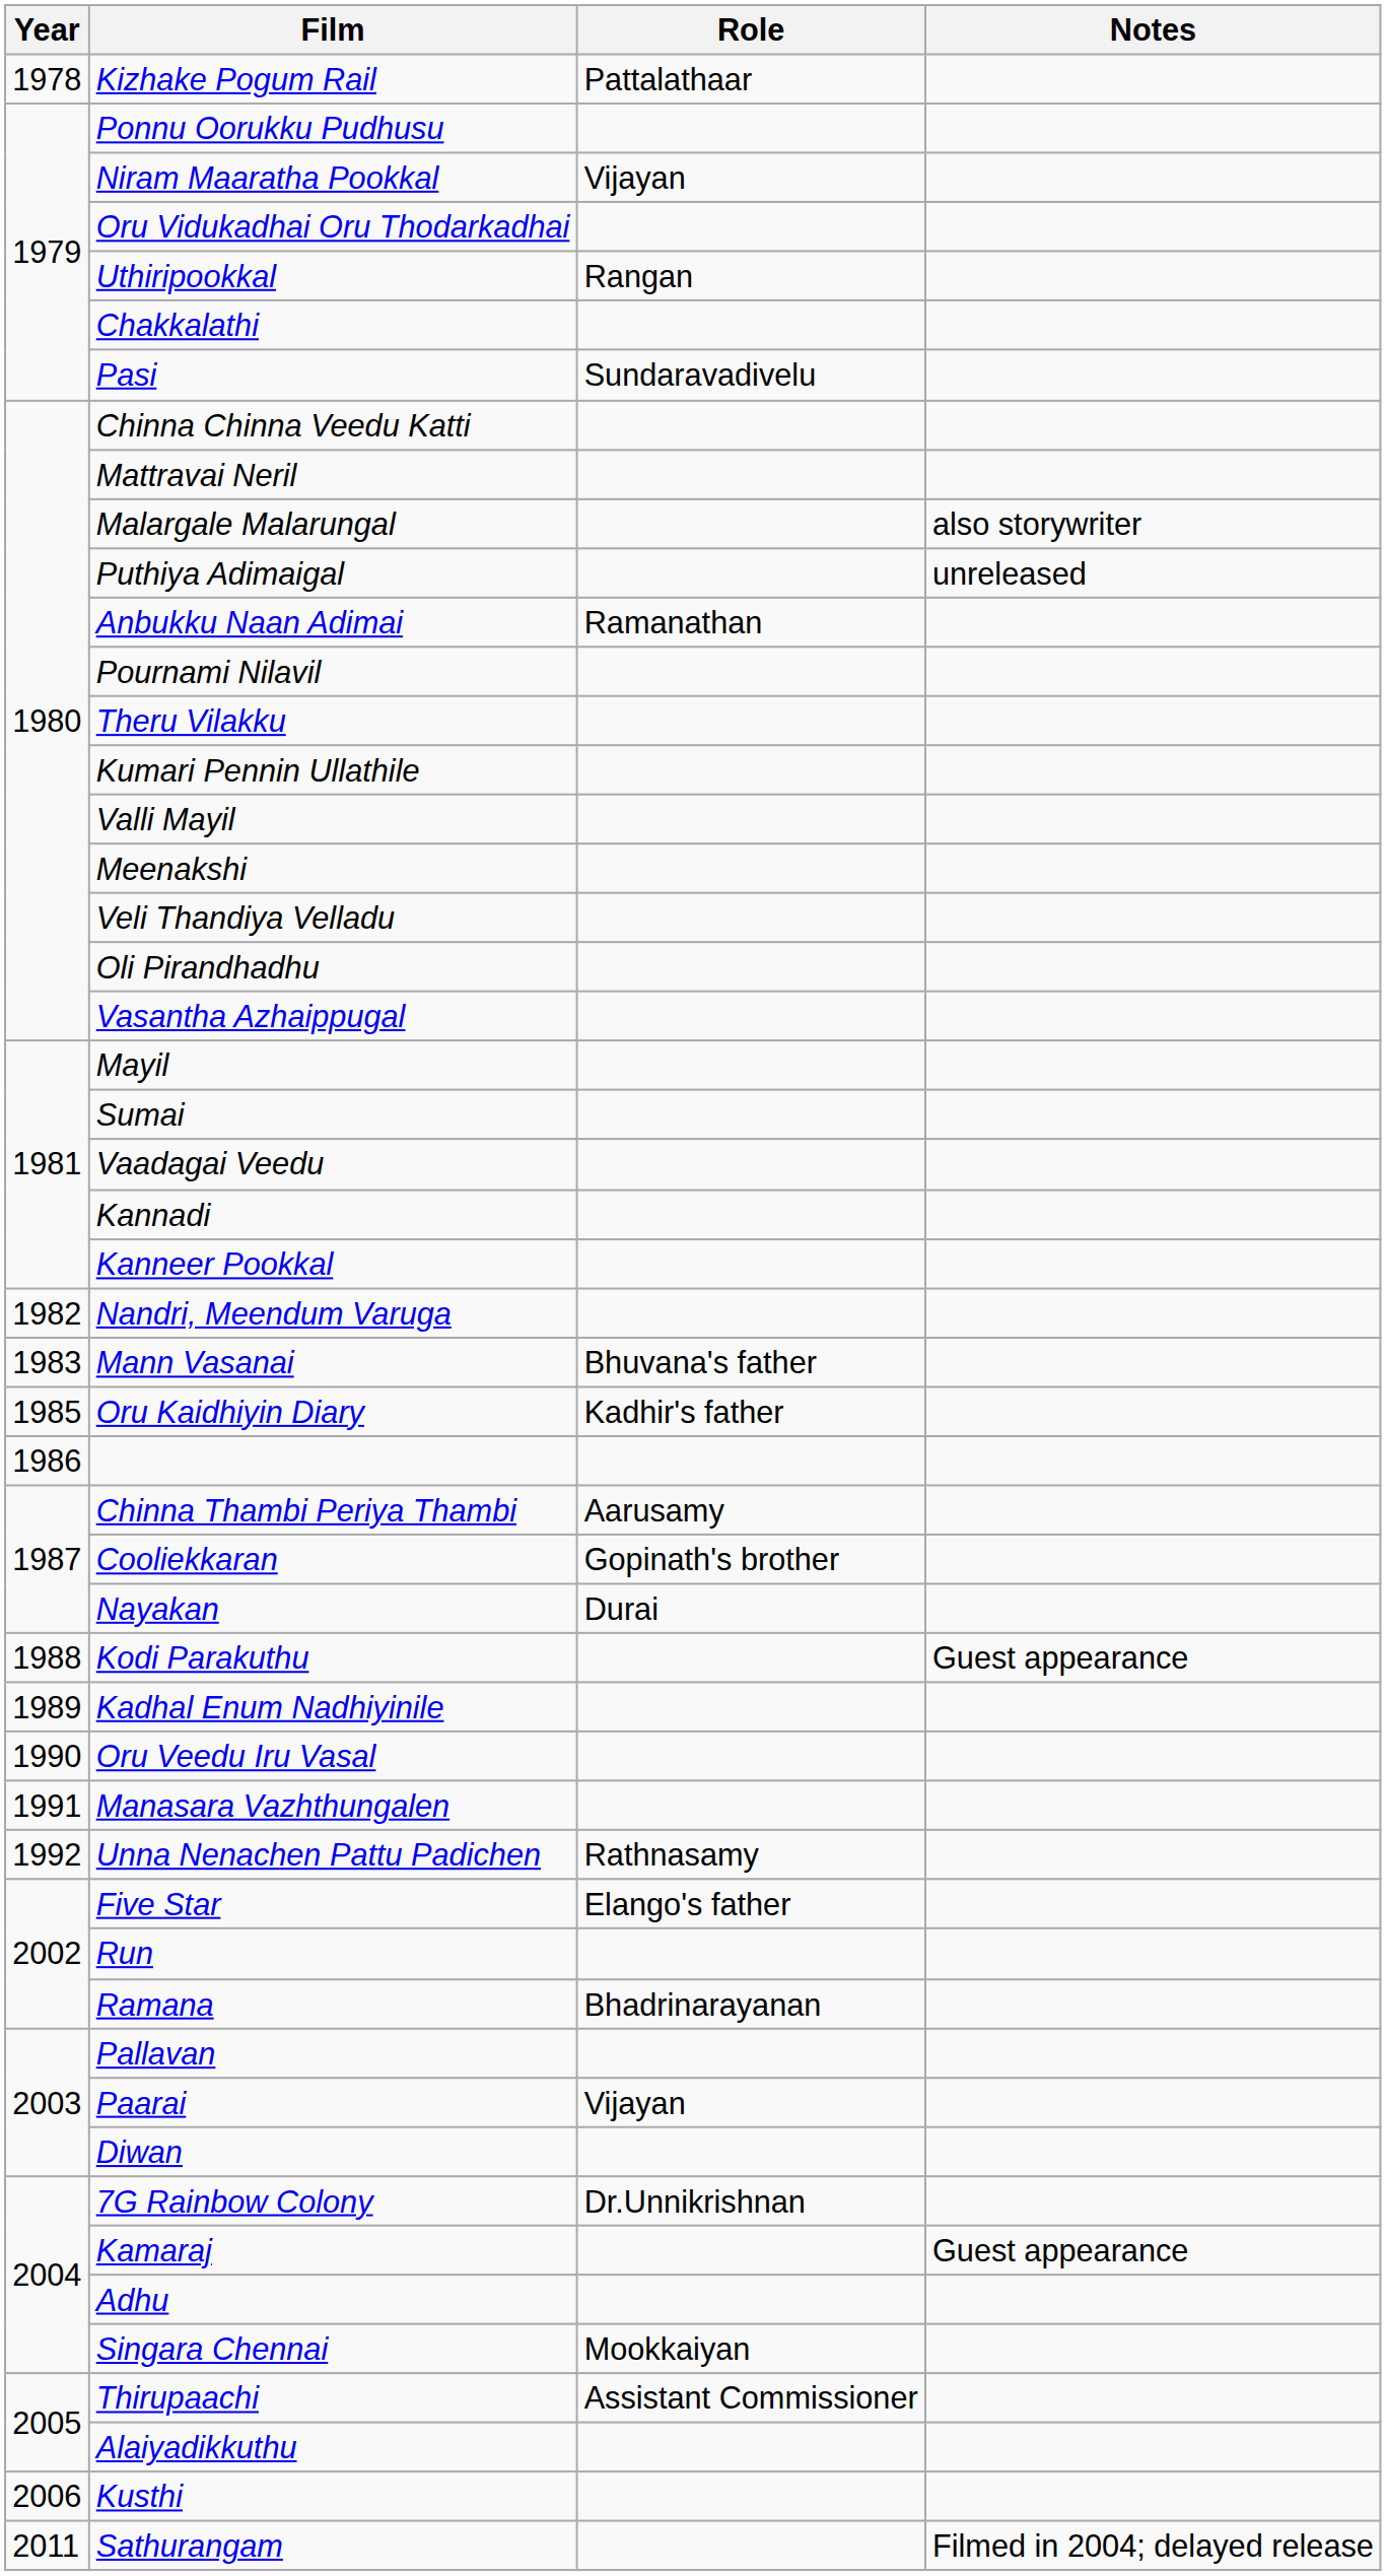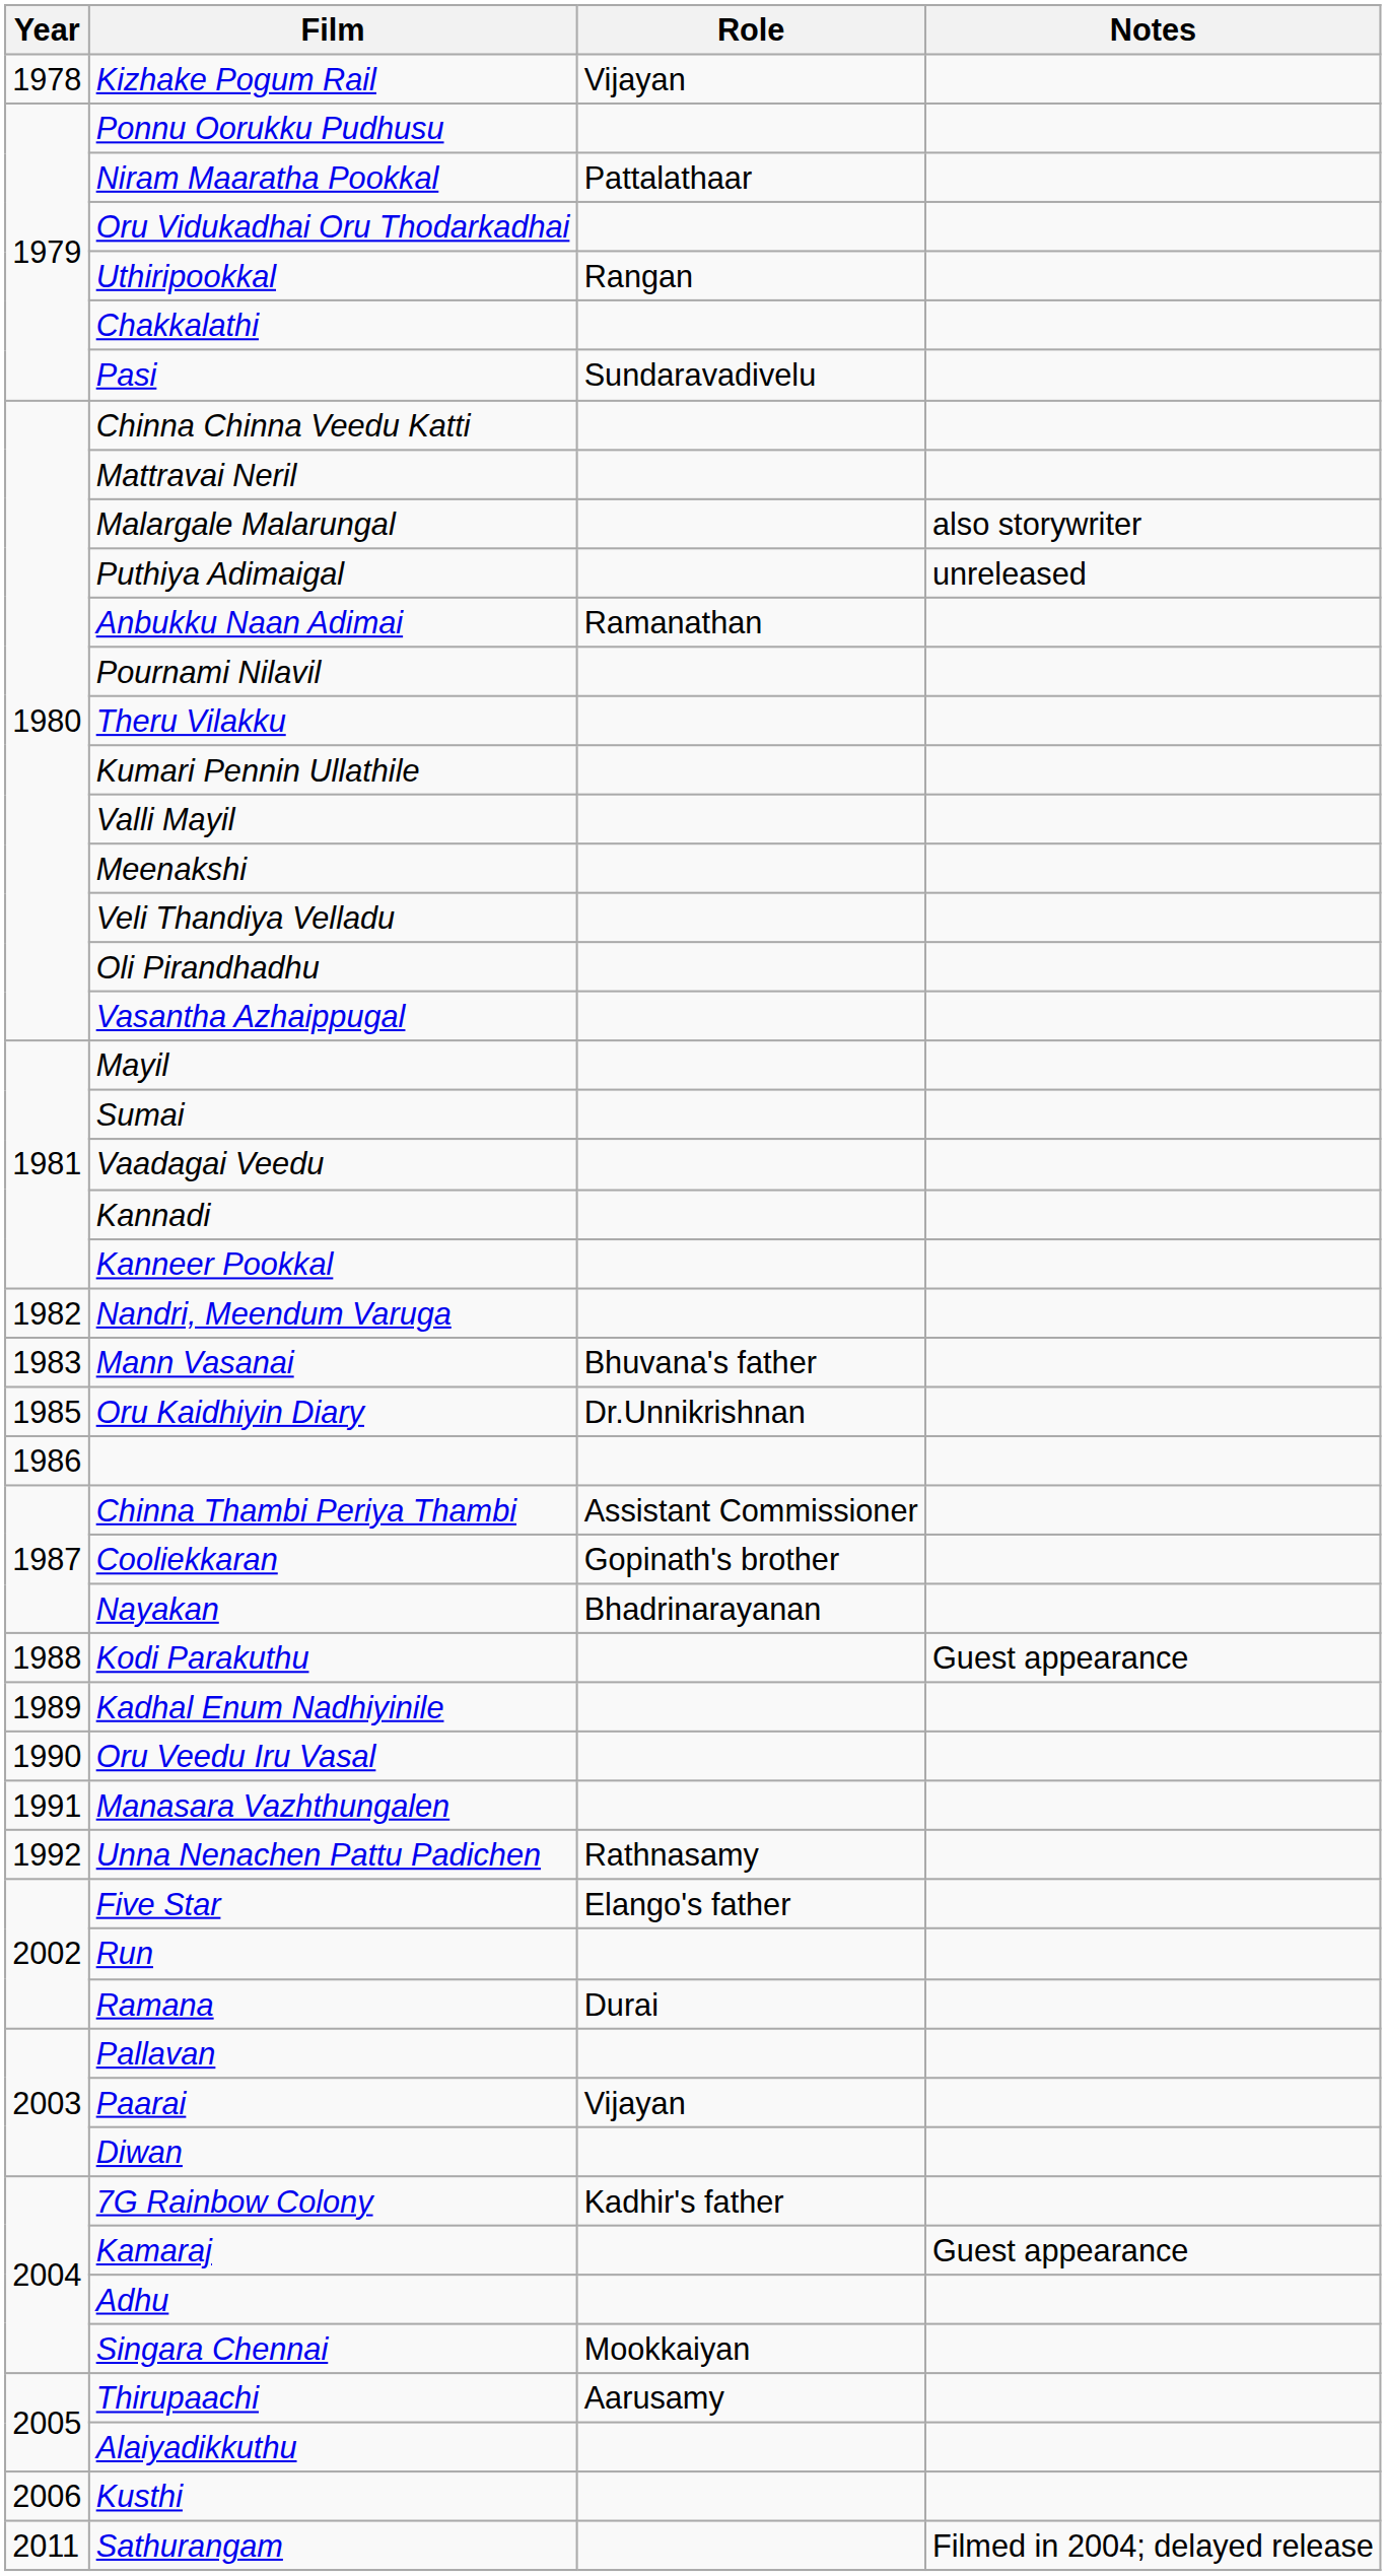 <table class="wikitable sortable" style="font-size: 95%;">
 <tr>
 <th>Year</th>
 <th>Film</th>
 <th>Role</th>
 <th>Notes</th>
 </tr>
 <tr>
 <td>1978</td>
 <td><em><a href='#'>Kizhake Pogum Rail</a></em></td>
-<td>Pattalathaar</td>
+<td>Vijayan</td>
 <td></td>
 </tr>
 <tr>
 <td rowspan="6">1979</td>
 <td><em><a href='#'>Ponnu Oorukku Pudhusu</a></em></td>
 <td></td>
 <td></td>
 </tr>
 <tr>
 <td><em><a href='#'>Niram Maaratha Pookkal</a></em></td>
-<td>Vijayan</td>
+<td>Pattalathaar</td>
 <td></td>
 </tr>
 <tr>
 <td><em><a href='#'>Oru Vidukadhai Oru Thodarkadhai</a></em></td>
 <td></td>
 <td></td>
 </tr>
 <tr>
 <td><em><a href='#'>Uthiripookkal</a></em></td>
 <td>Rangan</td>
 <td></td>
 </tr>
 <tr>
 <td><em><a href='#'>Chakkalathi</a></em></td>
 <td></td>
 <td></td>
 </tr>
 <tr>
 <td><em><a href='#'>Pasi</a></em></td>
 <td>Sundaravadivelu</td>
 <td></td>
 </tr>
 <tr>
 <td rowspan="13">1980</td>
 <td><em>Chinna Chinna Veedu Katti</em></td>
 <td></td>
 <td></td>
 </tr>
 <tr>
 <td><em>Mattravai Neril</em></td>
 <td></td>
 <td></td>
 </tr>
 <tr>
 <td><em>Malargale Malarungal</em></td>
 <td></td>
 <td>also storywriter</td>
 </tr>
 <tr>
 <td><em>Puthiya Adimaigal</em></td>
 <td></td>
 <td>unreleased</td>
 </tr>
 <tr>
 <td><em><a href='#'>Anbukku Naan Adimai</a></em></td>
 <td>Ramanathan</td>
 <td></td>
 </tr>
 <tr>
 <td><em>Pournami Nilavil</em></td>
 <td></td>
 <td></td>
 </tr>
 <tr>
 <td><em><a href='#'>Theru Vilakku</a></em></td>
 <td></td>
 <td></td>
 </tr>
 <tr>
 <td><em>Kumari Pennin Ullathile</em></td>
 <td></td>
 <td></td>
 </tr>
 <tr>
 <td><em>Valli Mayil</em></td>
 <td></td>
 <td></td>
 </tr>
 <tr>
 <td><em>Meenakshi</em></td>
 <td></td>
 <td></td>
 </tr>
 <tr>
 <td><em>Veli Thandiya Velladu</em></td>
 <td></td>
 <td></td>
 </tr>
 <tr>
 <td><em>Oli Pirandhadhu</em></td>
 <td></td>
 <td></td>
 </tr>
 <tr>
 <td><em><a href='#'>Vasantha Azhaippugal</a></em></td>
 <td></td>
 <td></td>
 </tr>
 <tr>
 <td rowspan="5">1981</td>
 <td><em>Mayil</em></td>
 <td></td>
 <td></td>
 </tr>
 <tr>
 <td><em>Sumai</em></td>
 <td></td>
 <td></td>
 </tr>
 <tr>
 <td><em>Vaadagai Veedu</em></td>
 <td></td>
 <td></td>
 </tr>
 <tr>
 <td><em>Kannadi</em></td>
 <td></td>
 <td></td>
 </tr>
 <tr>
 <td><em><a href='#'>Kanneer Pookkal</a></em></td>
 <td></td>
 <td></td>
 </tr>
 <tr>
 <td>1982</td>
 <td><em><a href='#'>Nandri, Meendum Varuga</a></em></td>
 <td></td>
 <td></td>
 </tr>
 <tr>
 <td>1983</td>
 <td><em><a href='#'>Mann Vasanai</a></em></td>
 <td>Bhuvana's father</td>
 <td></td>
 </tr>
 <tr>
 <td>1985</td>
 <td><em><a href='#'>Oru Kaidhiyin Diary</a></em></td>
-<td>Kadhir's father</td>
+<td>Dr.Unnikrishnan</td>
 <td></td>
 </tr>
 <tr>
 <td>1986</td>
 <td></td>
 <td></td>
 </tr>
 <tr>
 <td rowspan="3">1987</td>
 <td><em><a href='#'>Chinna Thambi Periya Thambi</a></em></td>
-<td>Aarusamy</td>
+<td>Assistant Commissioner</td>
 <td></td>
 </tr>
 <tr>
 <td><em><a href='#'>Cooliekkaran</a></em></td>
 <td>Gopinath's brother</td>
 <td></td>
 </tr>
 <tr>
 <td><em><a href='#'>Nayakan</a></em></td>
-<td>Durai</td>
+<td>Bhadrinarayanan</td>
 <td></td>
 </tr>
 <tr>
 <td>1988</td>
 <td><em><a href='#'>Kodi Parakuthu</a></em></td>
 <td></td>
 <td>Guest appearance</td>
 </tr>
 <tr>
 <td>1989</td>
 <td><em><a href='#'>Kadhal Enum Nadhiyinile</a></em></td>
 <td></td>
 <td></td>
 </tr>
 <tr>
 <td>1990</td>
 <td><em><a href='#'>Oru Veedu Iru Vasal</a></em></td>
 <td></td>
 <td></td>
 </tr>
 <tr>
 <td>1991</td>
 <td><em><a href='#'>Manasara Vazhthungalen</a> </em></td>
 <td></td>
 <td></td>
 </tr>
 <tr>
 <td>1992</td>
 <td><em><a href='#'>Unna Nenachen Pattu Padichen</a></em></td>
 <td>Rathnasamy</td>
 <td></td>
 </tr>
 <tr>
 <td rowspan="3">2002</td>
 <td><em><a href='#'>Five Star</a></em></td>
 <td>Elango's father</td>
 <td></td>
 </tr>
 <tr>
 <td><em><a href='#'>Run</a></em></td>
 <td></td>
 <td></td>
 </tr>
 <tr>
 <td><em><a href='#'>Ramana</a></em></td>
-<td>Bhadrinarayanan</td>
+<td>Durai</td>
 <td></td>
 </tr>
 <tr>
 <td rowspan="3">2003</td>
 <td><em><a href='#'>Pallavan</a></em></td>
 <td></td>
 <td></td>
 </tr>
 <tr>
 <td><em><a href='#'>Paarai</a></em></td>
 <td>Vijayan</td>
 <td></td>
 </tr>
 <tr>
 <td><em><a href='#'>Diwan</a></em></td>
 <td></td>
 <td></td>
 </tr>
 <tr>
 <td rowspan="4">2004</td>
 <td><em><a href='#'>7G Rainbow Colony</a></em></td>
-<td>Dr.Unnikrishnan</td>
+<td>Kadhir's father</td>
 <td></td>
 </tr>
 <tr>
 <td><em><a href='#'>Kamaraj</a></em></td>
 <td></td>
 <td>Guest appearance</td>
 </tr>
 <tr>
 <td><em><a href='#'>Adhu</a></em></td>
 <td></td>
 <td></td>
 </tr>
 <tr>
 <td><em><a href='#'>Singara Chennai</a></em></td>
 <td>Mookkaiyan</td>
 <td></td>
 </tr>
 <tr>
 <td rowspan="2">2005</td>
 <td><em><a href='#'>Thirupaachi</a></em></td>
-<td>Assistant Commissioner</td>
+<td>Aarusamy</td>
 <td></td>
 </tr>
 <tr>
 <td><em><a href='#'>Alaiyadikkuthu</a></em></td>
 <td></td>
 <td></td>
 </tr>
 <tr>
 <td>2006</td>
 <td><em><a href='#'>Kusthi</a></em></td>
 <td></td>
 <td></td>
 </tr>
 <tr>
 <td>2011</td>
 <td><em><a href='#'>Sathurangam</a></em></td>
 <td></td>
 <td>Filmed in 2004; delayed release</td>
 </tr>
 </table>
